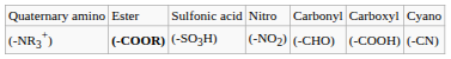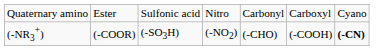 <table class="wikitable">
 <tr>
 <td>Quaternary amino</td>
 <td>Ester</td>
 <td>Sulfonic acid</td>
 <td>Nitro</td>
 <td>Carbonyl</td>
 <td>Carboxyl</td>
 <td>Cyano</td>
 </tr>
 <tr>
 <td>(-NR<sub>3</sub><sup>+</sup>)</td>
-<td><strong>(-COOR)</strong></td>
+<td>(-COOR)</td>
 <td>(-SO<sub>3</sub>H)</td>
 <td>(-NO<sub>2</sub>)</td>
 <td>(-CHO)</td>
 <td>(-COOH)</td>
-<td>(-CN)</td>
+<td><strong>(-CN)</strong></td>
 </tr>
 </table>
